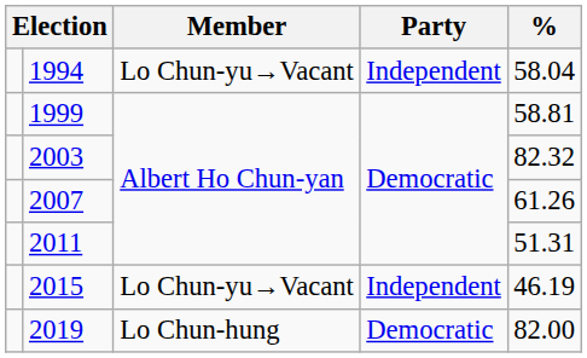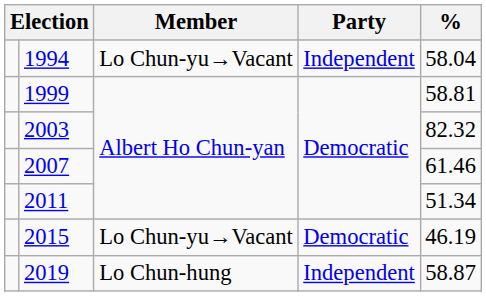 <table class="wikitable">
 <tr>
 <th colspan="2">Election</th>
 <th>Member</th>
 <th>Party</th>
 <th>%</th>
 </tr>
 <tr>
 <td style="background-color: "></td>
 <td><a href='#'>1994</a></td>
 <td>Lo Chun-yu→Vacant</td>
 <td><a href='#'>Independent</a></td>
 <td>58.04</td>
 </tr>
 <tr>
 <td style="background-color: "></td>
 <td><a href='#'>1999</a></td>
 <td rowspan=4><a href='#'>Albert Ho Chun-yan</a></td>
 <td rowspan=4><a href='#'>Democratic</a></td>
 <td>58.81</td>
 </tr>
 <tr>
 <td style="background-color: "></td>
 <td><a href='#'>2003</a></td>
 <td>82.32</td>
 </tr>
 <tr>
 <td style="background-color: "></td>
 <td><a href='#'>2007</a></td>
-<td>61.26</td>
+<td>61.46</td>
 </tr>
 <tr>
 <td style="background-color: "></td>
 <td><a href='#'>2011</a></td>
-<td>51.31</td>
+<td>51.34</td>
 </tr>
 <tr>
 <td style="background-color: "></td>
 <td><a href='#'>2015</a></td>
 <td>Lo Chun-yu→Vacant</td>
-<td><a href='#'>Independent</a></td>
+<td><a href='#'>Democratic</a></td>
 <td>46.19</td>
 </tr>
 <tr>
 <td style="background-color: "></td>
 <td><a href='#'>2019</a></td>
 <td>Lo Chun-hung</td>
-<td><a href='#'>Democratic</a></td>
-<td>82.00</td>
+<td><a href='#'>Independent</a></td>
+<td>58.87</td>
 </tr>
 </table>
